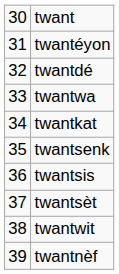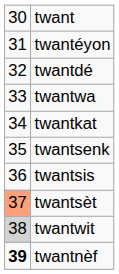 <table class="wikitable" style="float:left; margin-right:0.5em">
 <tr>
 <td>30</td>
 <td>twant</td>
 </tr>
 <tr>
 <td>31</td>
 <td>twantéyon</td>
 </tr>
 <tr>
 <td>32</td>
 <td>twantdé</td>
 </tr>
 <tr>
 <td>33</td>
 <td>twantwa</td>
 </tr>
 <tr>
 <td>34</td>
 <td>twantkat</td>
 </tr>
 <tr>
 <td>35</td>
 <td>twantsenk</td>
 </tr>
 <tr>
 <td>36</td>
 <td>twantsis</td>
 </tr>
 <tr>
-<td>37</td>
+<td style="background: lightsalmon;">37</td>
 <td>twantsèt</td>
 </tr>
 <tr>
-<td>38</td>
+<td style="background: lightgrey;">38</td>
 <td>twantwit</td>
 </tr>
 <tr>
-<td>39</td>
+<td><strong>39</strong></td>
 <td>twantnèf</td>
 </tr>
 </table>
